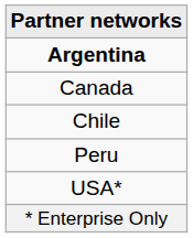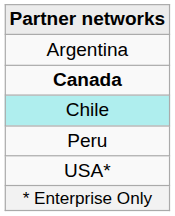 <table class="wikitable" style="float:right; margin-left:1em; text-align: center;">
 <tr>
 <th style="background:#ececec;" colspan="1">Partner networks</th>
 </tr>
 <tr>
-<td><strong>Argentina</strong></td>
+<td>Argentina</td>
 </tr>
 <tr>
-<td>Canada</td>
+<td><strong>Canada</strong></td>
 </tr>
 <tr>
-<td>Chile</td>
+<td style="background: paleturquoise;">Chile</td>
 </tr>
 <tr>
 <td>Peru</td>
 </tr>
 <tr>
 <td>USA*</td>
 </tr>
 <tr>
 <td colspan="7" style="font-size:90%; line-height: 1em; background:#F2F2F2">* Enterprise Only</td>
 </tr>
 </table>
